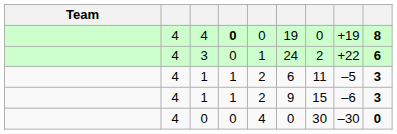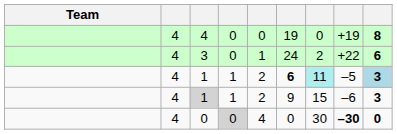 <table class="wikitable" style="text-align: center; font-size: 90%;">
 <tr>
 <th width="165">Team</th>
 <th width="25"></th>
 <th width="25"></th>
 <th width="25"></th>
 <th width="25"></th>
 <th width="25"></th>
 <th width="25"></th>
 <th width="25"></th>
 <th width="25"></th>
 </tr>
 <tr style="background:#ccffcc">
 <td style="text-align:left"></td>
 <td>4</td>
 <td>4</td>
-<td><strong>0</strong></td>
+<td>0</td>
 <td>0</td>
 <td>19</td>
 <td>0</td>
 <td>+19</td>
 <td><strong>8</strong></td>
 </tr>
 <tr style="background:#ccffcc">
 <td style="text-align:left"></td>
 <td>4</td>
 <td>3</td>
 <td>0</td>
 <td>1</td>
 <td>24</td>
 <td>2</td>
 <td>+22</td>
 <td><strong>6</strong></td>
 </tr>
 <tr>
 <td style="text-align:left"></td>
 <td>4</td>
 <td>1</td>
 <td>1</td>
 <td>2</td>
-<td>6</td>
-<td>11</td>
+<td><strong>6</strong></td>
+<td style="background: paleturquoise;">11</td>
 <td>–5</td>
-<td><strong>3</strong></td>
+<td style="background: lightblue;"><strong>3</strong></td>
 </tr>
 <tr>
 <td style="text-align:left"></td>
 <td>4</td>
-<td>1</td>
+<td style="background: lightgrey;">1</td>
 <td>1</td>
 <td>2</td>
 <td>9</td>
 <td>15</td>
 <td>–6</td>
 <td><strong>3</strong></td>
 </tr>
 <tr>
 <td style="text-align:left"></td>
 <td>4</td>
 <td>0</td>
-<td>0</td>
+<td style="background: lightgrey;">0</td>
 <td>4</td>
 <td>0</td>
 <td>30</td>
-<td>–30</td>
+<td><strong>–30</strong></td>
 <td><strong>0</strong></td>
 </tr>
 </table>
